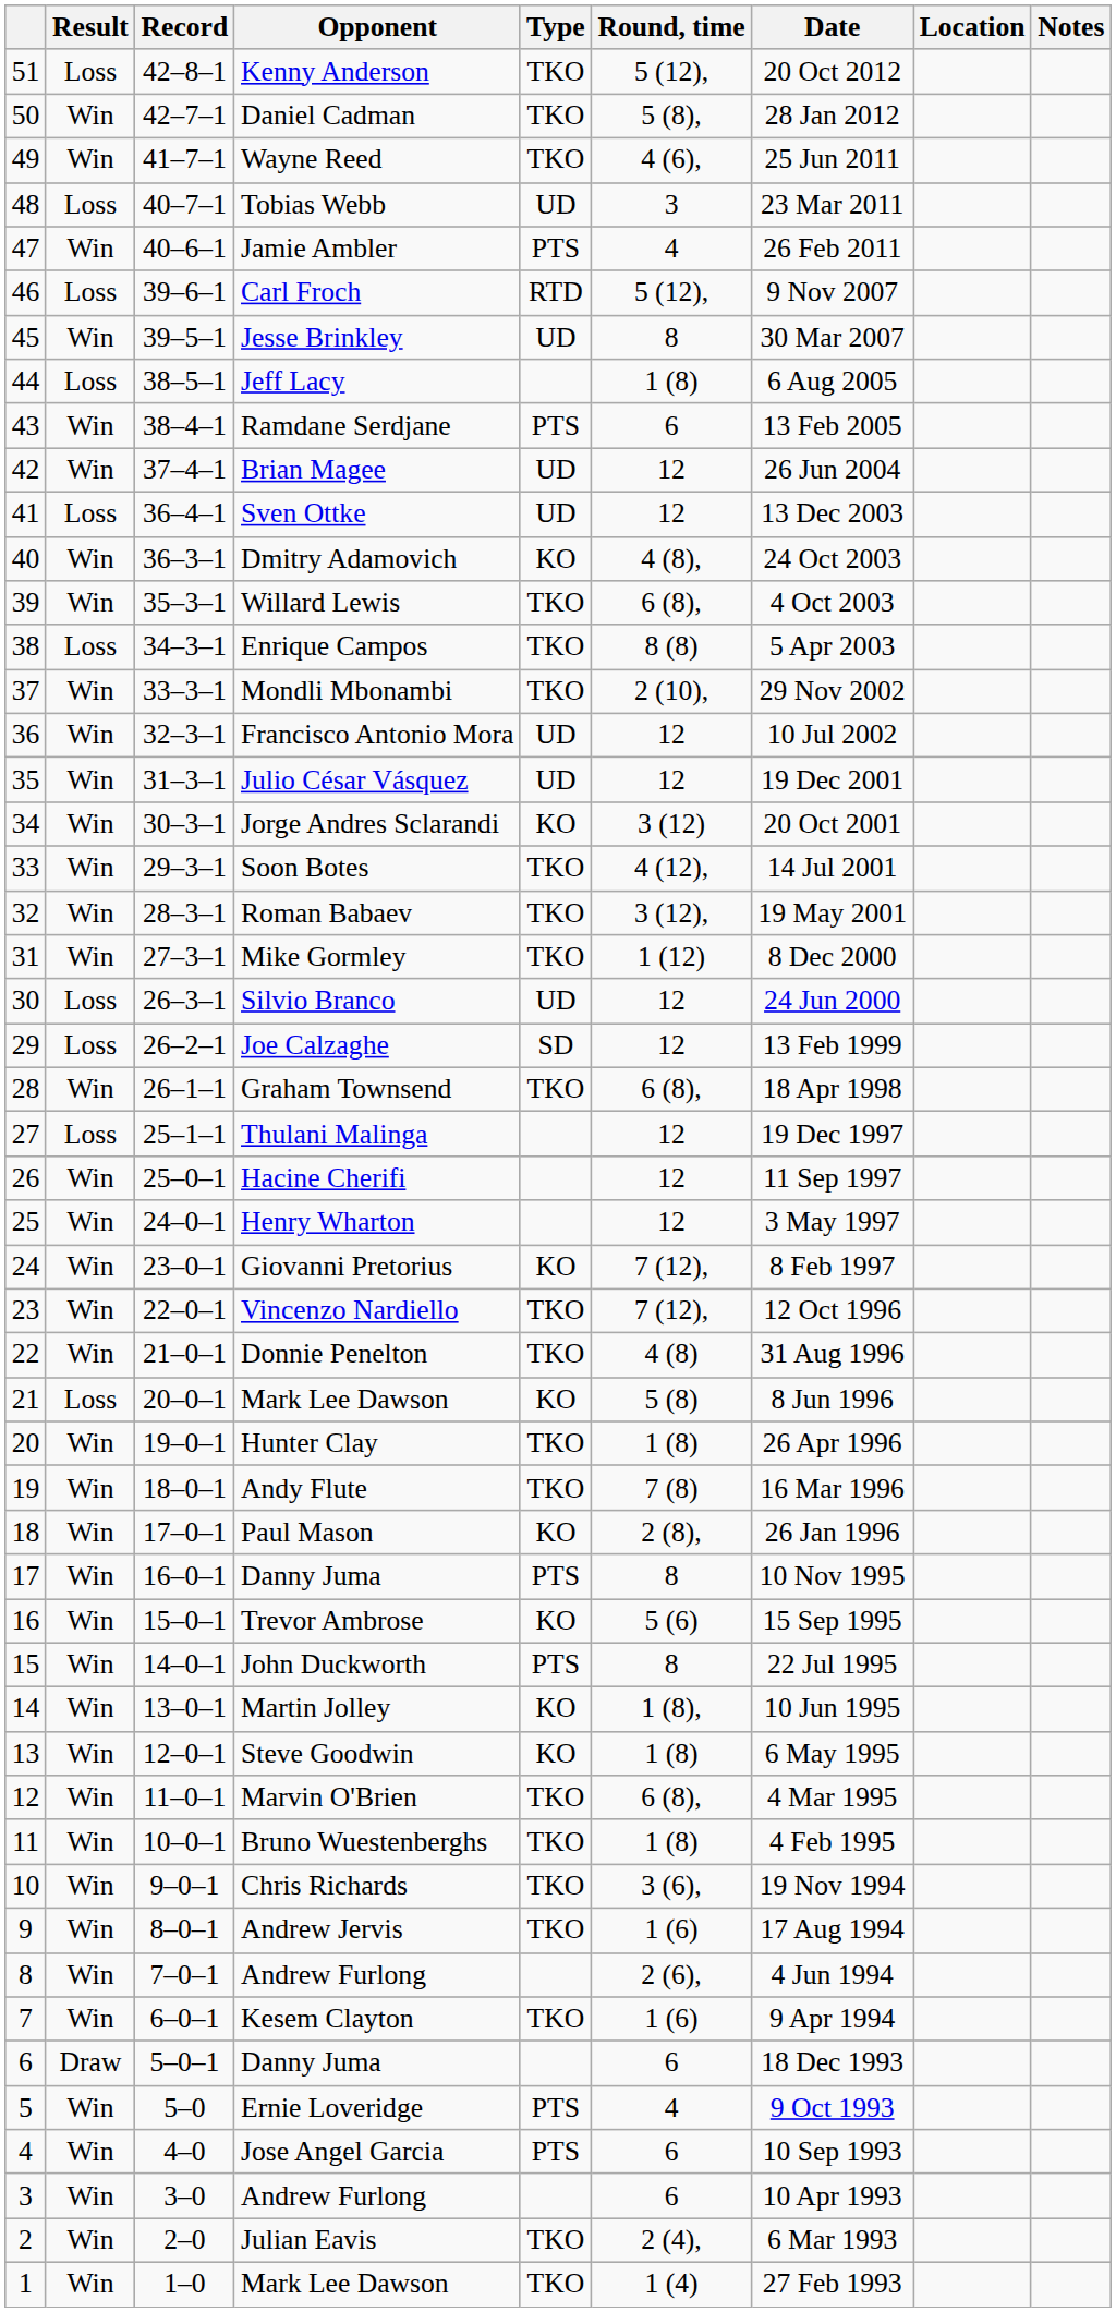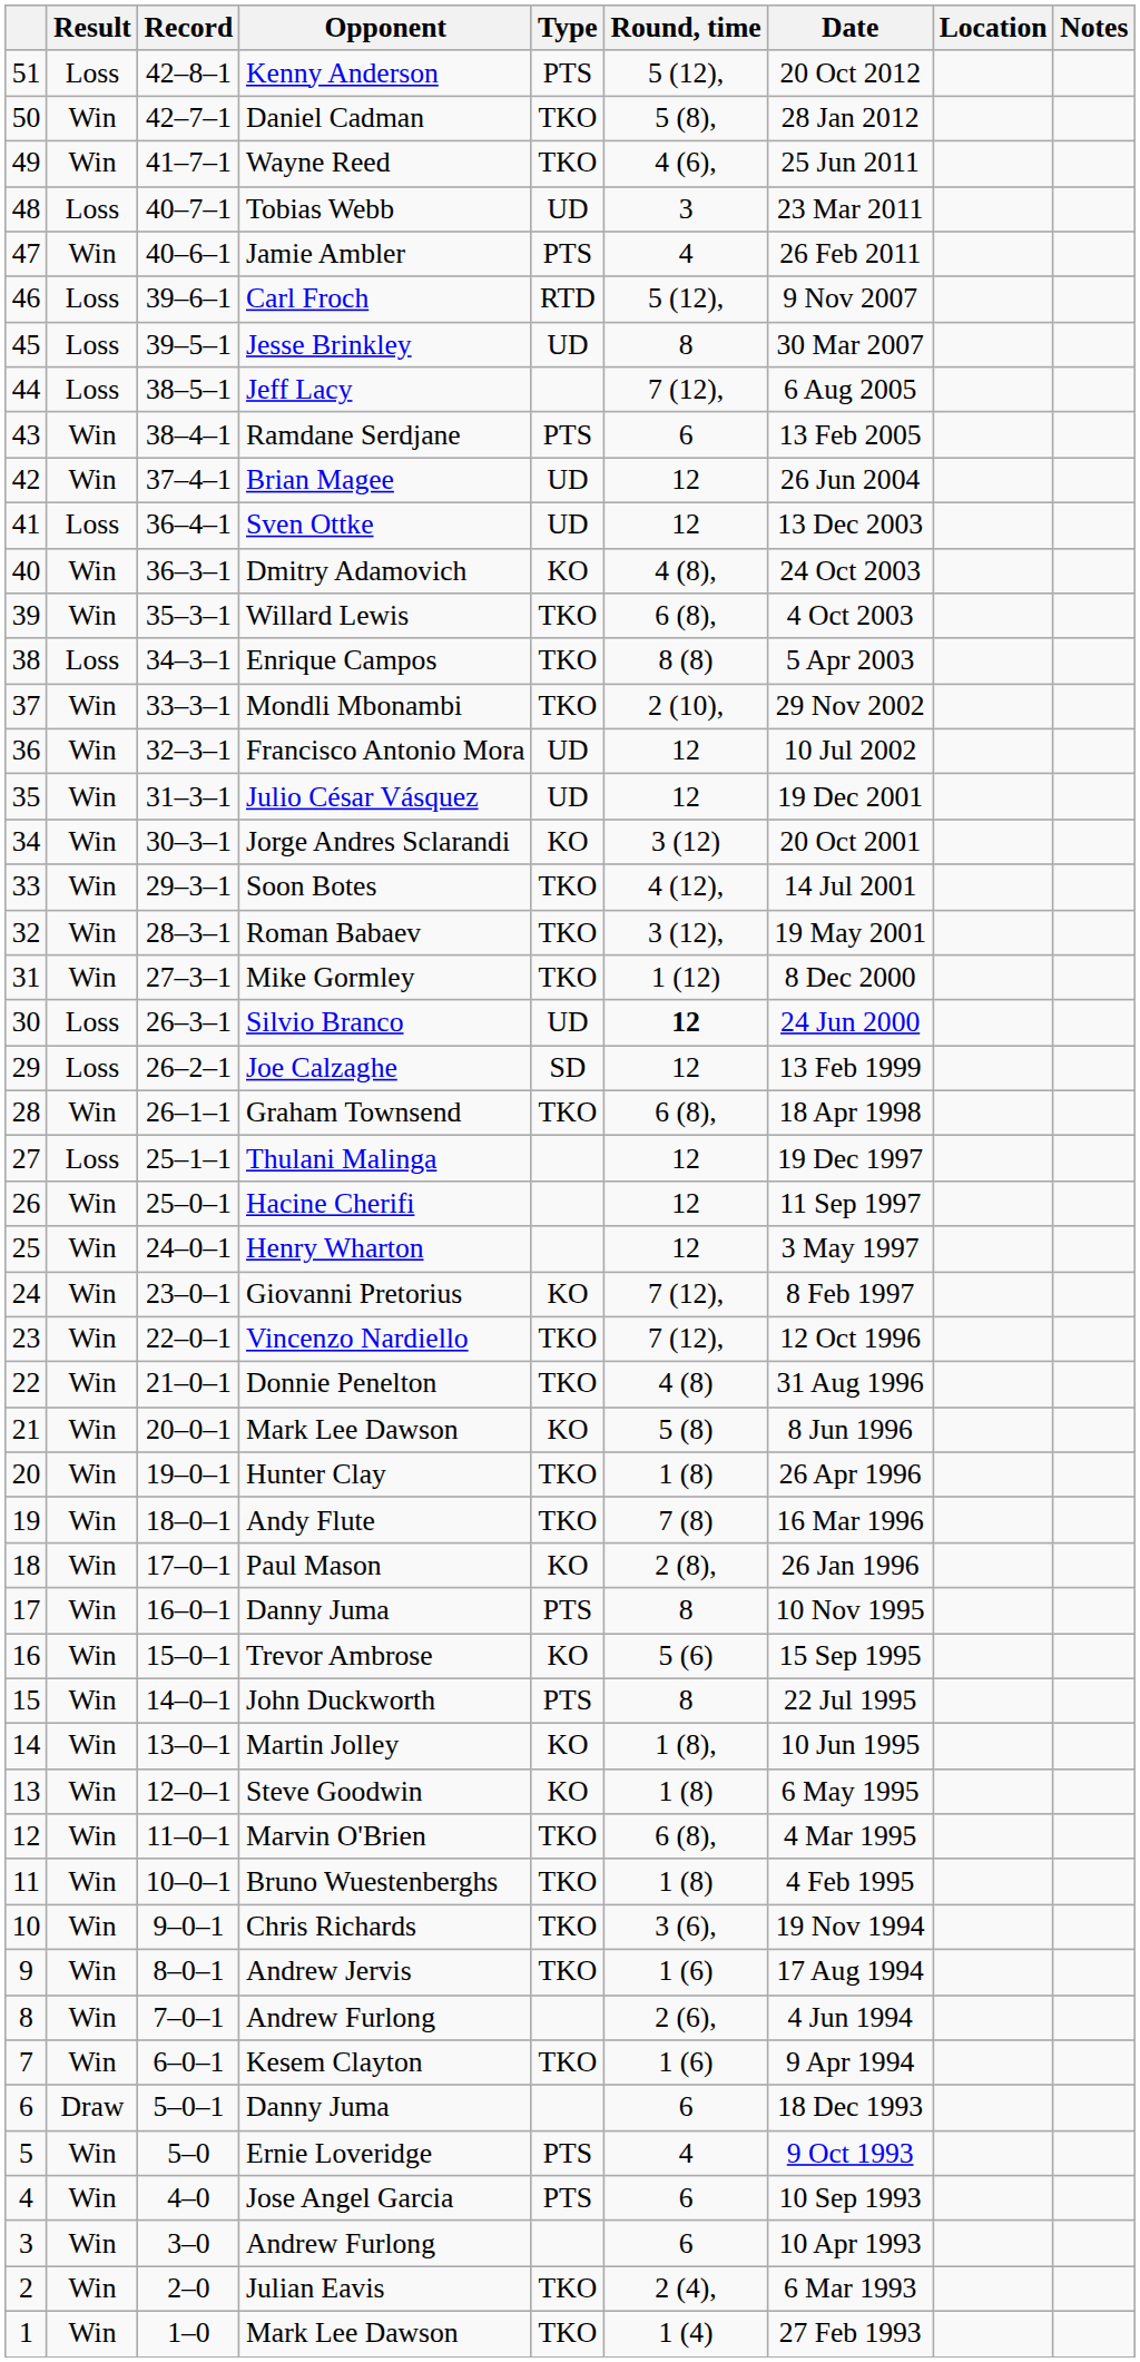 <table class="wikitable" style="text-align:center">
 <tr>
 <th></th>
 <th>Result</th>
 <th>Record</th>
 <th>Opponent</th>
 <th>Type</th>
 <th>Round, time</th>
 <th>Date</th>
 <th>Location</th>
 <th>Notes</th>
 </tr>
 <tr>
 <td>51</td>
 <td>Loss</td>
 <td>42–8–1</td>
 <td style="text-align:left;"><a href='#'>Kenny Anderson</a></td>
-<td>TKO</td>
+<td>PTS</td>
 <td>5 (12), </td>
 <td>20 Oct 2012</td>
 <td style="text-align:left;"></td>
 <td style="text-align:left;"></td>
 </tr>
 <tr>
 <td>50</td>
 <td>Win</td>
 <td>42–7–1</td>
 <td style="text-align:left;">Daniel Cadman</td>
 <td>TKO</td>
 <td>5 (8), </td>
 <td>28 Jan 2012</td>
 <td style="text-align:left;"></td>
 <td></td>
 </tr>
 <tr>
 <td>49</td>
 <td>Win</td>
 <td>41–7–1</td>
 <td style="text-align:left;">Wayne Reed</td>
 <td>TKO</td>
 <td>4 (6), </td>
 <td>25 Jun 2011</td>
 <td style="text-align:left;"></td>
 <td></td>
 </tr>
 <tr>
 <td>48</td>
 <td>Loss</td>
 <td>40–7–1</td>
 <td style="text-align:left;">Tobias Webb</td>
 <td>UD</td>
 <td>3</td>
 <td>23 Mar 2011</td>
 <td style="text-align:left;"></td>
 <td style="text-align:left;"></td>
 </tr>
 <tr>
 <td>47</td>
 <td>Win</td>
 <td>40–6–1</td>
 <td style="text-align:left;">Jamie Ambler</td>
 <td>PTS</td>
 <td>4</td>
 <td>26 Feb 2011</td>
 <td style="text-align:left;"></td>
 <td></td>
 </tr>
 <tr>
 <td>46</td>
 <td>Loss</td>
 <td>39–6–1</td>
 <td style="text-align:left;"><a href='#'>Carl Froch</a></td>
 <td>RTD</td>
 <td>5 (12), </td>
 <td>9 Nov 2007</td>
 <td style="text-align:left;"></td>
 <td style="text-align:left;"></td>
 </tr>
 <tr>
 <td>45</td>
-<td>Win</td>
+<td>Loss</td>
 <td>39–5–1</td>
 <td style="text-align:left;"><a href='#'>Jesse Brinkley</a></td>
 <td>UD</td>
 <td>8</td>
 <td>30 Mar 2007</td>
 <td style="text-align:left;"></td>
 <td></td>
 </tr>
 <tr>
 <td>44</td>
 <td>Loss</td>
 <td>38–5–1</td>
 <td style="text-align:left;"><a href='#'>Jeff Lacy</a></td>
 <td></td>
-<td>1 (8)</td>
+<td>7 (12), </td>
 <td>6 Aug 2005</td>
 <td style="text-align:left;"></td>
 <td style="text-align:left;"></td>
 </tr>
 <tr>
 <td>43</td>
 <td>Win</td>
 <td>38–4–1</td>
 <td style="text-align:left;">Ramdane Serdjane</td>
 <td>PTS</td>
 <td>6</td>
 <td>13 Feb 2005</td>
 <td style="text-align:left;"></td>
 <td></td>
 </tr>
 <tr>
 <td>42</td>
 <td>Win</td>
 <td>37–4–1</td>
 <td style="text-align:left;"><a href='#'>Brian Magee</a></td>
 <td>UD</td>
 <td>12</td>
 <td>26 Jun 2004</td>
 <td style="text-align:left;"></td>
 <td style="text-align:left;"></td>
 </tr>
 <tr>
 <td>41</td>
 <td>Loss</td>
 <td>36–4–1</td>
 <td style="text-align:left;"><a href='#'>Sven Ottke</a></td>
 <td>UD</td>
 <td>12</td>
 <td>13 Dec 2003</td>
 <td style="text-align:left;"></td>
 <td style="text-align:left;"></td>
 </tr>
 <tr>
 <td>40</td>
 <td>Win</td>
 <td>36–3–1</td>
 <td style="text-align:left;">Dmitry Adamovich</td>
 <td>KO</td>
 <td>4 (8), </td>
 <td>24 Oct 2003</td>
 <td style="text-align:left;"></td>
 <td></td>
 </tr>
 <tr>
 <td>39</td>
 <td>Win</td>
 <td>35–3–1</td>
 <td style="text-align:left;">Willard Lewis</td>
 <td>TKO</td>
 <td>6 (8), </td>
 <td>4 Oct 2003</td>
 <td style="text-align:left;"></td>
 <td></td>
 </tr>
 <tr>
 <td>38</td>
 <td>Loss</td>
 <td>34–3–1</td>
 <td style="text-align:left;">Enrique Campos</td>
 <td>TKO</td>
 <td>8 (8)</td>
 <td>5 Apr 2003</td>
 <td style="text-align:left;"></td>
 <td></td>
 </tr>
 <tr>
 <td>37</td>
 <td>Win</td>
 <td>33–3–1</td>
 <td style="text-align:left;">Mondli Mbonambi</td>
 <td>TKO</td>
 <td>2 (10), </td>
 <td>29 Nov 2002</td>
 <td style="text-align:left;"></td>
 <td></td>
 </tr>
 <tr>
 <td>36</td>
 <td>Win</td>
 <td>32–3–1</td>
 <td style="text-align:left;">Francisco Antonio Mora</td>
 <td>UD</td>
 <td>12</td>
 <td>10 Jul 2002</td>
 <td style="text-align:left;"></td>
 <td style="text-align:left;"></td>
 </tr>
 <tr>
 <td>35</td>
 <td>Win</td>
 <td>31–3–1</td>
 <td style="text-align:left;"><a href='#'>Julio César Vásquez</a></td>
 <td>UD</td>
 <td>12</td>
 <td>19 Dec 2001</td>
 <td style="text-align:left;"></td>
 <td style="text-align:left;"></td>
 </tr>
 <tr>
 <td>34</td>
 <td>Win</td>
 <td>30–3–1</td>
 <td style="text-align:left;">Jorge Andres Sclarandi</td>
 <td>KO</td>
 <td>3 (12)</td>
 <td>20 Oct 2001</td>
 <td style="text-align:left;"></td>
 <td style="text-align:left;"></td>
 </tr>
 <tr>
 <td>33</td>
 <td>Win</td>
 <td>29–3–1</td>
 <td style="text-align:left;">Soon Botes</td>
 <td>TKO</td>
 <td>4 (12), </td>
 <td>14 Jul 2001</td>
 <td style="text-align:left;"></td>
 <td style="text-align:left;"></td>
 </tr>
 <tr>
 <td>32</td>
 <td>Win</td>
 <td>28–3–1</td>
 <td style="text-align:left;">Roman Babaev</td>
 <td>TKO</td>
 <td>3 (12), </td>
 <td>19 May 2001</td>
 <td style="text-align:left;"></td>
 <td style="text-align:left;"></td>
 </tr>
 <tr>
 <td>31</td>
 <td>Win</td>
 <td>27–3–1</td>
 <td style="text-align:left;">Mike Gormley</td>
 <td>TKO</td>
 <td>1 (12)</td>
 <td>8 Dec 2000</td>
 <td style="text-align:left;"></td>
 <td style="text-align:left;"></td>
 </tr>
 <tr>
 <td>30</td>
 <td>Loss</td>
 <td>26–3–1</td>
 <td style="text-align:left;"><a href='#'>Silvio Branco</a></td>
 <td>UD</td>
-<td>12</td>
+<td><strong>12</strong></td>
 <td><a href='#'>24 Jun 2000</a></td>
 <td style="text-align:left;"></td>
 <td style="text-align:left;"></td>
 </tr>
 <tr>
 <td>29</td>
 <td>Loss</td>
 <td>26–2–1</td>
 <td style="text-align:left;"><a href='#'>Joe Calzaghe</a></td>
 <td>SD</td>
 <td>12</td>
 <td>13 Feb 1999</td>
 <td style="text-align:left;"></td>
 <td style="text-align:left;"></td>
 </tr>
 <tr>
 <td>28</td>
 <td>Win</td>
 <td>26–1–1</td>
 <td style="text-align:left;">Graham Townsend</td>
 <td>TKO</td>
 <td>6 (8), </td>
 <td>18 Apr 1998</td>
 <td style="text-align:left;"></td>
 <td></td>
 </tr>
 <tr>
 <td>27</td>
 <td>Loss</td>
 <td>25–1–1</td>
 <td style="text-align:left;"><a href='#'>Thulani Malinga</a></td>
 <td></td>
 <td>12</td>
 <td>19 Dec 1997</td>
 <td style="text-align:left;"></td>
 <td style="text-align:left;"></td>
 </tr>
 <tr>
 <td>26</td>
 <td>Win</td>
 <td>25–0–1</td>
 <td style="text-align:left;"><a href='#'>Hacine Cherifi</a></td>
 <td></td>
 <td>12</td>
 <td>11 Sep 1997</td>
 <td style="text-align:left;"></td>
 <td style="text-align:left;"></td>
 </tr>
 <tr>
 <td>25</td>
 <td>Win</td>
 <td>24–0–1</td>
 <td style="text-align:left;"><a href='#'>Henry Wharton</a></td>
 <td></td>
 <td>12</td>
 <td>3 May 1997</td>
 <td style="text-align:left;"></td>
 <td style="text-align:left;"></td>
 </tr>
 <tr>
 <td>24</td>
 <td>Win</td>
 <td>23–0–1</td>
 <td style="text-align:left;">Giovanni Pretorius</td>
 <td>KO</td>
 <td>7 (12), </td>
 <td>8 Feb 1997</td>
 <td style="text-align:left;"></td>
 <td style="text-align:left;"></td>
 </tr>
 <tr>
 <td>23</td>
 <td>Win</td>
 <td>22–0–1</td>
 <td style="text-align:left;"><a href='#'>Vincenzo Nardiello</a></td>
 <td>TKO</td>
 <td>7 (12), </td>
 <td>12 Oct 1996</td>
 <td style="text-align:left;"></td>
 <td style="text-align:left;"></td>
 </tr>
 <tr>
 <td>22</td>
 <td>Win</td>
 <td>21–0–1</td>
 <td style="text-align:left;">Donnie Penelton</td>
 <td>TKO</td>
 <td>4 (8)</td>
 <td>31 Aug 1996</td>
 <td style="text-align:left;"></td>
 <td></td>
 </tr>
 <tr>
 <td>21</td>
-<td>Loss</td>
+<td>Win</td>
 <td>20–0–1</td>
 <td style="text-align:left;">Mark Lee Dawson</td>
 <td>KO</td>
 <td>5 (8)</td>
 <td>8 Jun 1996</td>
 <td style="text-align:left;"></td>
 <td></td>
 </tr>
 <tr>
 <td>20</td>
 <td>Win</td>
 <td>19–0–1</td>
 <td style="text-align:left;">Hunter Clay</td>
 <td>TKO</td>
 <td>1 (8)</td>
 <td>26 Apr 1996</td>
 <td style="text-align:left;"></td>
 <td></td>
 </tr>
 <tr>
 <td>19</td>
 <td>Win</td>
 <td>18–0–1</td>
 <td style="text-align:left;">Andy Flute</td>
 <td>TKO</td>
 <td>7 (8)</td>
 <td>16 Mar 1996</td>
 <td style="text-align:left;"></td>
 <td></td>
 </tr>
 <tr>
 <td>18</td>
 <td>Win</td>
 <td>17–0–1</td>
 <td style="text-align:left;">Paul Mason</td>
 <td>KO</td>
 <td>2 (8), </td>
 <td>26 Jan 1996</td>
 <td style="text-align:left;"></td>
 <td></td>
 </tr>
 <tr>
 <td>17</td>
 <td>Win</td>
 <td>16–0–1</td>
 <td style="text-align:left;">Danny Juma</td>
 <td>PTS</td>
 <td>8</td>
 <td>10 Nov 1995</td>
 <td style="text-align:left;"></td>
 <td></td>
 </tr>
 <tr>
 <td>16</td>
 <td>Win</td>
 <td>15–0–1</td>
 <td style="text-align:left;">Trevor Ambrose</td>
 <td>KO</td>
 <td>5 (6)</td>
 <td>15 Sep 1995</td>
 <td style="text-align:left;"></td>
 <td></td>
 </tr>
 <tr>
 <td>15</td>
 <td>Win</td>
 <td>14–0–1</td>
 <td style="text-align:left;">John Duckworth</td>
 <td>PTS</td>
 <td>8</td>
 <td>22 Jul 1995</td>
 <td style="text-align:left;"></td>
 <td></td>
 </tr>
 <tr>
 <td>14</td>
 <td>Win</td>
 <td>13–0–1</td>
 <td style="text-align:left;">Martin Jolley</td>
 <td>KO</td>
 <td>1 (8), </td>
 <td>10 Jun 1995</td>
 <td style="text-align:left;"></td>
 <td></td>
 </tr>
 <tr>
 <td>13</td>
 <td>Win</td>
 <td>12–0–1</td>
 <td style="text-align:left;">Steve Goodwin</td>
 <td>KO</td>
 <td>1 (8)</td>
 <td>6 May 1995</td>
 <td style="text-align:left;"></td>
 <td></td>
 </tr>
 <tr>
 <td>12</td>
 <td>Win</td>
 <td>11–0–1</td>
 <td style="text-align:left;">Marvin O'Brien</td>
 <td>TKO</td>
 <td>6 (8), </td>
 <td>4 Mar 1995</td>
 <td style="text-align:left;"></td>
 <td></td>
 </tr>
 <tr>
 <td>11</td>
 <td>Win</td>
 <td>10–0–1</td>
 <td style="text-align:left;">Bruno Wuestenberghs</td>
 <td>TKO</td>
 <td>1 (8)</td>
 <td>4 Feb 1995</td>
 <td style="text-align:left;"></td>
 <td></td>
 </tr>
 <tr>
 <td>10</td>
 <td>Win</td>
 <td>9–0–1</td>
 <td style="text-align:left;">Chris Richards</td>
 <td>TKO</td>
 <td>3 (6), </td>
 <td>19 Nov 1994</td>
 <td style="text-align:left;"></td>
 <td></td>
 </tr>
 <tr>
 <td>9</td>
 <td>Win</td>
 <td>8–0–1</td>
 <td style="text-align:left;">Andrew Jervis</td>
 <td>TKO</td>
 <td>1 (6)</td>
 <td>17 Aug 1994</td>
 <td style="text-align:left;"></td>
 <td></td>
 </tr>
 <tr>
 <td>8</td>
 <td>Win</td>
 <td>7–0–1</td>
 <td style="text-align:left;">Andrew Furlong</td>
 <td></td>
 <td>2 (6), </td>
 <td>4 Jun 1994</td>
 <td style="text-align:left;"></td>
 <td></td>
 </tr>
 <tr>
 <td>7</td>
 <td>Win</td>
 <td>6–0–1</td>
 <td style="text-align:left;">Kesem Clayton</td>
 <td>TKO</td>
 <td>1 (6)</td>
 <td>9 Apr 1994</td>
 <td style="text-align:left;"></td>
 <td></td>
 </tr>
 <tr>
 <td>6</td>
 <td>Draw</td>
 <td>5–0–1</td>
 <td style="text-align:left;">Danny Juma</td>
 <td></td>
 <td>6</td>
 <td>18 Dec 1993</td>
 <td style="text-align:left;"></td>
 <td></td>
 </tr>
 <tr>
 <td>5</td>
 <td>Win</td>
 <td>5–0</td>
 <td style="text-align:left;">Ernie Loveridge</td>
 <td>PTS</td>
 <td>4</td>
 <td><a href='#'>9 Oct 1993</a></td>
 <td style="text-align:left;"></td>
 <td></td>
 </tr>
 <tr>
 <td>4</td>
 <td>Win</td>
 <td>4–0</td>
 <td style="text-align:left;">Jose Angel Garcia</td>
 <td>PTS</td>
 <td>6</td>
 <td>10 Sep 1993</td>
 <td style="text-align:left;"></td>
 <td></td>
 </tr>
 <tr>
 <td>3</td>
 <td>Win</td>
 <td>3–0</td>
 <td style="text-align:left;">Andrew Furlong</td>
 <td></td>
 <td>6</td>
 <td>10 Apr 1993</td>
 <td style="text-align:left;"></td>
 <td></td>
 </tr>
 <tr>
 <td>2</td>
 <td>Win</td>
 <td>2–0</td>
 <td style="text-align:left;">Julian Eavis</td>
 <td>TKO</td>
 <td>2 (4), </td>
 <td>6 Mar 1993</td>
 <td style="text-align:left;"></td>
 <td></td>
 </tr>
 <tr>
 <td>1</td>
 <td>Win</td>
 <td>1–0</td>
 <td style="text-align:left;">Mark Lee Dawson</td>
 <td>TKO</td>
 <td>1 (4)</td>
 <td>27 Feb 1993</td>
 <td style="text-align:left;"></td>
 <td></td>
 </tr>
 </table>
